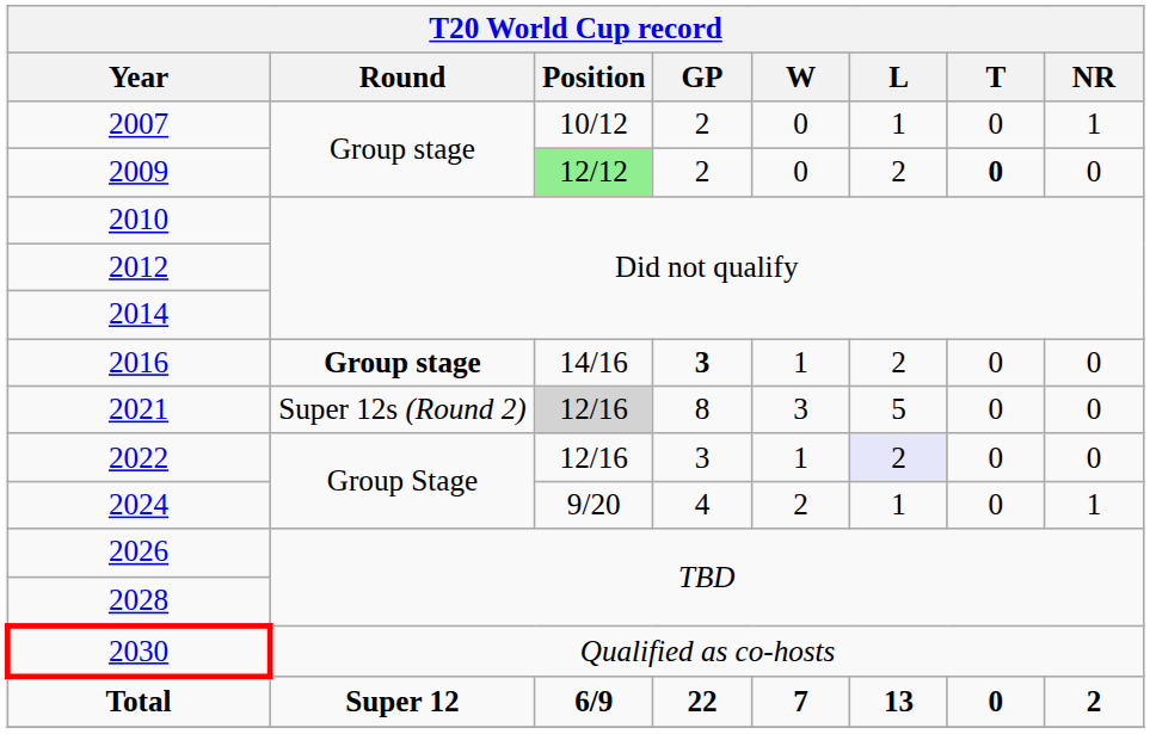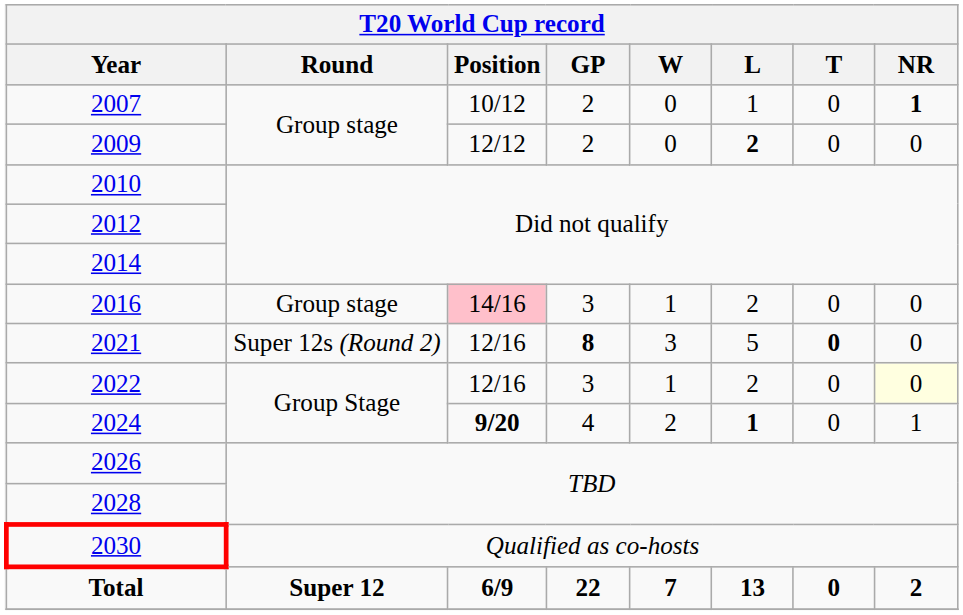 <table class="wikitable" style="text-align: center; width=900px;">
 <tr>
 <th colspan="8"><a href='#'>T20 World Cup record</a></th>
 </tr>
 <tr>
 <th width=150>Year</th>
 <th width=150>Round</th>
 <th width=50>Position</th>
 <th width=50>GP</th>
 <th width=50>W</th>
 <th width=50>L</th>
 <th width=50>T</th>
 <th width=50>NR</th>
 </tr>
 <tr>
 <td> <a href='#'>2007</a></td>
 <td rowspan=2>Group stage</td>
 <td>10/12</td>
 <td>2</td>
 <td>0</td>
 <td>1</td>
 <td>0</td>
-<td>1</td>
+<td><strong>1</strong></td>
 </tr>
 <tr>
 <td> <a href='#'>2009</a></td>
-<td style="background: lightgreen;">12/12</td>
+<td>12/12</td>
 <td>2</td>
 <td>0</td>
-<td>2</td>
-<td><strong>0</strong></td>
+<td><strong>2</strong></td>
+<td>0</td>
 <td>0</td>
 </tr>
 <tr>
 <td> <a href='#'>2010</a></td>
 <td colspan="7" rowspan="3">Did not qualify</td>
 </tr>
 <tr>
 <td> <a href='#'>2012</a></td>
 </tr>
 <tr>
 <td> <a href='#'>2014</a></td>
 </tr>
 <tr>
 <td> <a href='#'>2016</a></td>
-<td><strong>Group stage</strong></td>
-<td>14/16</td>
-<td><strong>3</strong></td>
+<td>Group stage</td>
+<td style="background: pink;">14/16</td>
+<td>3</td>
 <td>1</td>
 <td>2</td>
 <td>0</td>
 <td>0</td>
 </tr>
 <tr>
 <td>  <a href='#'>2021</a></td>
 <td>Super 12s <em>(Round 2)</em></td>
-<td style="background: lightgrey;">12/16</td>
-<td>8</td>
+<td>12/16</td>
+<td><strong>8</strong></td>
 <td>3</td>
 <td>5</td>
-<td>0</td>
+<td><strong>0</strong></td>
 <td>0</td>
 </tr>
 <tr>
 <td> <a href='#'>2022</a></td>
 <td rowspan=2>Group Stage</td>
 <td>12/16</td>
 <td>3</td>
 <td>1</td>
-<td style="background: lavender;">2</td>
+<td>2</td>
 <td>0</td>
-<td>0</td>
+<td style="background: lightyellow;">0</td>
 </tr>
 <tr>
 <td>  <a href='#'>2024</a></td>
-<td>9/20</td>
+<td><strong>9/20</strong></td>
 <td>4</td>
 <td>2</td>
-<td>1</td>
+<td><strong>1</strong></td>
 <td>0</td>
 <td>1</td>
 </tr>
 <tr>
 <td>  <a href='#'>2026</a></td>
 <td colspan="7" rowspan="2"><em>TBD</em></td>
 </tr>
 <tr>
 <td> <a href='#'>2028</a></td>
 </tr>
 <tr>
 <td style="border: 3px solid red">    <a href='#'>2030</a></td>
 <td colspan="7"><em>Qualified as co-hosts</em></td>
 </tr>
 <tr>
 <td><strong>Total</strong></td>
 <td><strong>Super 12</strong></td>
 <td><strong>6/9</strong></td>
 <td><strong>22</strong></td>
 <td><strong>7</strong></td>
 <td><strong>13</strong></td>
 <td><strong>0</strong></td>
 <td><strong>2</strong></td>
 </tr>
 <tr>
 </tr>
 </table>
